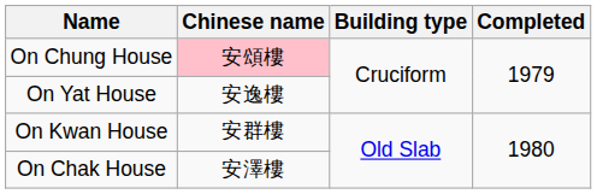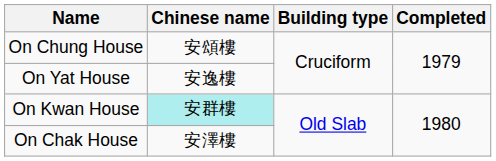 <table class="wikitable" style="text-align: center">
 <tr>
 <th>Name</th>
 <th>Chinese name</th>
 <th>Building type</th>
 <th>Completed</th>
 </tr>
 <tr>
 <td>On Chung House</td>
-<td style="background: pink;">安頌樓</td>
+<td>安頌樓</td>
 <td rowspan="2">Cruciform</td>
 <td rowspan="2">1979</td>
 </tr>
 <tr>
 <td>On Yat House</td>
 <td>安逸樓</td>
 </tr>
 <tr>
 <td>On Kwan House</td>
-<td>安群樓</td>
+<td style="background: paleturquoise;">安群樓</td>
 <td rowspan="2"><a href='#'>Old Slab</a></td>
 <td rowspan="2">1980</td>
 </tr>
 <tr>
 <td>On Chak House</td>
 <td>安澤樓</td>
 </tr>
 </table>
